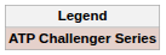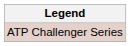 <table class=wikitable style=font-size:97%>
 <tr>
 <th>Legend</th>
 </tr>
 <tr bgcolor=e5d1cb>
-<td><strong>ATP Challenger Series</strong></td>
+<td>ATP Challenger Series</td>
 </tr>
 </table>
